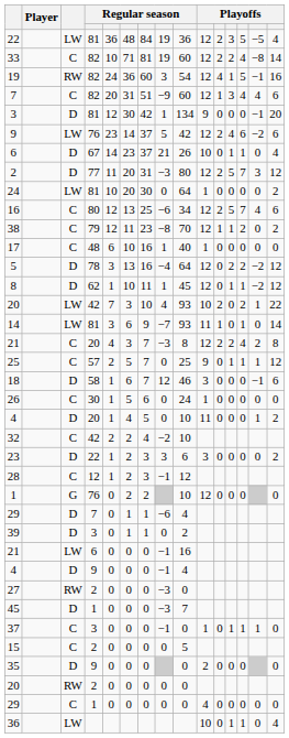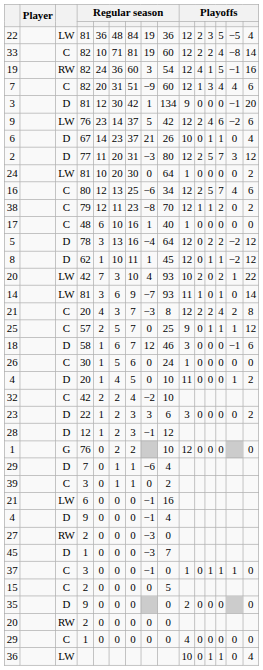 <table class="wikitable sortable plainrowheaders" style="text-align:center;">
 <tr>
 <th scope="col" data-sort-type="number" rowspan="2"></th>
 <th scope="col" rowspan="2">Player</th>
 <th scope="col" rowspan="2"></th>
 <th scope=colgroup colspan=6>Regular season</th>
 <th scope=colgroup colspan=6>Playoffs</th>
 </tr>
 <tr>
 <th scope="col" data-sort-type="number"></th>
 <th scope="col" data-sort-type="number"></th>
 <th scope="col" data-sort-type="number"></th>
 <th scope="col" data-sort-type="number"></th>
 <th scope="col" data-sort-type="number"></th>
 <th scope="col" data-sort-type="number"></th>
 <th scope="col" data-sort-type="number"></th>
 <th scope="col" data-sort-type="number"></th>
 <th scope="col" data-sort-type="number"></th>
 <th scope="col" data-sort-type="number"></th>
 <th scope="col" data-sort-type="number"></th>
 <th scope="col" data-sort-type="number"></th>
 </tr>
 <tr>
 <td scope="row">22</td>
 <td align="left"></td>
 <td>LW</td>
 <td>81</td>
 <td>36</td>
 <td>48</td>
 <td>84</td>
 <td>19</td>
 <td>36</td>
 <td>12</td>
 <td>2</td>
 <td>3</td>
 <td>5</td>
 <td>−5</td>
 <td>4</td>
 </tr>
 <tr>
 <td scope="row">33</td>
 <td align="left"></td>
 <td>C</td>
 <td>82</td>
 <td>10</td>
 <td>71</td>
 <td>81</td>
 <td>19</td>
 <td>60</td>
 <td>12</td>
 <td>2</td>
 <td>2</td>
 <td>4</td>
 <td>−8</td>
 <td>14</td>
 </tr>
 <tr>
 <td scope="row">19</td>
 <td align="left"></td>
 <td>RW</td>
 <td>82</td>
 <td>24</td>
 <td>36</td>
 <td>60</td>
 <td>3</td>
 <td>54</td>
 <td>12</td>
 <td>4</td>
 <td>1</td>
 <td>5</td>
 <td>−1</td>
 <td>16</td>
 </tr>
 <tr>
 <td scope="row">7</td>
 <td align="left"></td>
 <td>C</td>
 <td>82</td>
 <td>20</td>
 <td>31</td>
 <td>51</td>
 <td>−9</td>
 <td>60</td>
 <td>12</td>
 <td>1</td>
 <td>3</td>
 <td>4</td>
 <td>4</td>
 <td>6</td>
 </tr>
 <tr>
 <td scope="row">3</td>
 <td align="left"></td>
 <td>D</td>
 <td>81</td>
 <td>12</td>
 <td>30</td>
 <td>42</td>
 <td>1</td>
 <td>134</td>
 <td>9</td>
 <td>0</td>
 <td>0</td>
 <td>0</td>
 <td>−1</td>
 <td>20</td>
 </tr>
 <tr>
 <td scope="row">9</td>
 <td align="left"></td>
 <td>LW</td>
 <td>76</td>
 <td>23</td>
 <td>14</td>
 <td>37</td>
 <td>5</td>
 <td>42</td>
 <td>12</td>
 <td>2</td>
 <td>4</td>
 <td>6</td>
 <td>−2</td>
 <td>6</td>
 </tr>
 <tr>
 <td scope="row">6</td>
 <td align="left"></td>
 <td>D</td>
 <td>67</td>
 <td>14</td>
 <td>23</td>
 <td>37</td>
 <td>21</td>
 <td>26</td>
 <td>10</td>
 <td>0</td>
 <td>1</td>
 <td>1</td>
 <td>0</td>
 <td>4</td>
 </tr>
 <tr>
 <td scope="row">2</td>
 <td align="left"></td>
 <td>D</td>
 <td>77</td>
 <td>11</td>
 <td>20</td>
 <td>31</td>
 <td>−3</td>
 <td>80</td>
 <td>12</td>
 <td>2</td>
 <td>5</td>
 <td>7</td>
 <td>3</td>
 <td>12</td>
 </tr>
 <tr>
 <td scope="row">24</td>
 <td align="left"></td>
 <td>LW</td>
 <td>81</td>
 <td>10</td>
 <td>20</td>
 <td>30</td>
 <td>0</td>
 <td>64</td>
 <td>1</td>
 <td>0</td>
 <td>0</td>
 <td>0</td>
 <td>0</td>
 <td>2</td>
 </tr>
 <tr>
 <td scope="row">16</td>
 <td align="left"></td>
 <td>C</td>
 <td>80</td>
 <td>12</td>
 <td>13</td>
 <td>25</td>
 <td>−6</td>
 <td>34</td>
 <td>12</td>
 <td>2</td>
 <td>5</td>
 <td>7</td>
 <td>4</td>
 <td>6</td>
 </tr>
 <tr>
 <td scope="row">38</td>
 <td align="left"></td>
 <td>C</td>
 <td>79</td>
 <td>12</td>
 <td>11</td>
 <td>23</td>
 <td>−8</td>
 <td>70</td>
 <td>12</td>
 <td>1</td>
 <td>1</td>
 <td>2</td>
 <td>0</td>
 <td>2</td>
 </tr>
 <tr>
 <td scope="row">17</td>
 <td align="left"></td>
 <td>C</td>
 <td>48</td>
 <td>6</td>
 <td>10</td>
 <td>16</td>
 <td>1</td>
 <td>40</td>
 <td>1</td>
 <td>0</td>
 <td>0</td>
 <td>0</td>
 <td>0</td>
 <td>0</td>
 </tr>
 <tr>
 <td scope="row">5</td>
 <td align="left"></td>
 <td>D</td>
 <td>78</td>
 <td>3</td>
 <td>13</td>
 <td>16</td>
 <td>−4</td>
 <td>64</td>
 <td>12</td>
 <td>0</td>
 <td>2</td>
 <td>2</td>
 <td>−2</td>
 <td>12</td>
 </tr>
 <tr>
 <td scope="row">8</td>
 <td align="left"></td>
 <td>D</td>
 <td>62</td>
 <td>1</td>
 <td>10</td>
 <td>11</td>
 <td>1</td>
 <td>45</td>
 <td>12</td>
 <td>0</td>
 <td>1</td>
 <td>1</td>
 <td>−2</td>
 <td>12</td>
 </tr>
 <tr>
 <td scope="row">20</td>
 <td align="left"></td>
 <td>LW</td>
 <td>42</td>
 <td>7</td>
 <td>3</td>
 <td>10</td>
 <td>4</td>
 <td>93</td>
 <td>10</td>
 <td>2</td>
 <td>0</td>
 <td>2</td>
 <td>1</td>
 <td>22</td>
 </tr>
 <tr>
 <td scope="row">14</td>
 <td align="left"></td>
 <td>LW</td>
 <td>81</td>
 <td>3</td>
 <td>6</td>
 <td>9</td>
 <td>−7</td>
 <td>93</td>
 <td>11</td>
 <td>1</td>
 <td>0</td>
 <td>1</td>
 <td>0</td>
 <td>14</td>
 </tr>
 <tr>
 <td scope="row">21</td>
 <td align="left"></td>
 <td>C</td>
 <td>20</td>
 <td>4</td>
 <td>3</td>
 <td>7</td>
 <td>−3</td>
 <td>8</td>
 <td>12</td>
 <td>2</td>
 <td>2</td>
 <td>4</td>
 <td>2</td>
 <td>8</td>
 </tr>
 <tr>
 <td scope="row">25</td>
 <td align="left"></td>
 <td>C</td>
 <td>57</td>
 <td>2</td>
 <td>5</td>
 <td>7</td>
 <td>0</td>
 <td>25</td>
 <td>9</td>
 <td>0</td>
 <td>1</td>
 <td>1</td>
 <td>1</td>
 <td>12</td>
 </tr>
 <tr>
 <td scope="row">18</td>
 <td align="left"></td>
 <td>D</td>
 <td>58</td>
 <td>1</td>
 <td>6</td>
 <td>7</td>
 <td>12</td>
 <td>46</td>
 <td>3</td>
 <td>0</td>
 <td>0</td>
 <td>0</td>
 <td>−1</td>
 <td>6</td>
 </tr>
 <tr>
 <td scope="row">26</td>
 <td align="left"></td>
 <td>C</td>
 <td>30</td>
 <td>1</td>
 <td>5</td>
 <td>6</td>
 <td>0</td>
 <td>24</td>
 <td>1</td>
 <td>0</td>
 <td>0</td>
 <td>0</td>
 <td>0</td>
 <td>0</td>
 </tr>
 <tr>
 <td scope="row">4</td>
 <td align="left"></td>
 <td>D</td>
 <td>20</td>
 <td>1</td>
 <td>4</td>
 <td>5</td>
 <td>0</td>
 <td>10</td>
 <td>11</td>
 <td>0</td>
 <td>0</td>
 <td>0</td>
 <td>1</td>
 <td>2</td>
 </tr>
 <tr>
 <td scope="row">32</td>
 <td align="left"></td>
 <td>C</td>
 <td>42</td>
 <td>2</td>
 <td>2</td>
 <td>4</td>
 <td>−2</td>
 <td>10</td>
 <td></td>
 <td></td>
 <td></td>
 <td></td>
 <td></td>
 <td></td>
 </tr>
 <tr>
 <td scope="row">23</td>
 <td align="left"></td>
 <td>D</td>
 <td>22</td>
 <td>1</td>
 <td>2</td>
 <td>3</td>
 <td>3</td>
 <td>6</td>
 <td>3</td>
 <td>0</td>
 <td>0</td>
 <td>0</td>
 <td>0</td>
 <td>2</td>
 </tr>
 <tr>
 <td scope="row">28</td>
 <td align="left"></td>
-<td>C</td>
+<td>D</td>
 <td>12</td>
 <td>1</td>
 <td>2</td>
 <td>3</td>
 <td>−1</td>
 <td>12</td>
 <td></td>
 <td></td>
 <td></td>
 <td></td>
 <td></td>
 <td></td>
 </tr>
 <tr>
 <td scope="row">1</td>
 <td align="left"></td>
 <td>G</td>
 <td>76</td>
 <td>0</td>
 <td>2</td>
 <td>2</td>
 <td style="background:#ccc"></td>
 <td>10</td>
 <td>12</td>
 <td>0</td>
 <td>0</td>
 <td>0</td>
 <td style="background:#ccc"></td>
 <td>0</td>
 </tr>
 <tr>
 <td scope="row">29</td>
 <td align="left"></td>
 <td>D</td>
 <td>7</td>
 <td>0</td>
 <td>1</td>
 <td>1</td>
 <td>−6</td>
 <td>4</td>
 <td></td>
 <td></td>
 <td></td>
 <td></td>
 <td></td>
 <td></td>
 </tr>
 <tr>
 <td scope="row">39</td>
 <td align="left"></td>
-<td>D</td>
+<td>C</td>
 <td>3</td>
 <td>0</td>
 <td>1</td>
 <td>1</td>
 <td>0</td>
 <td>2</td>
 <td></td>
 <td></td>
 <td></td>
 <td></td>
 <td></td>
 <td></td>
 </tr>
 <tr>
 <td scope="row">21</td>
 <td align="left"></td>
 <td>LW</td>
 <td>6</td>
 <td>0</td>
 <td>0</td>
 <td>0</td>
 <td>−1</td>
 <td>16</td>
 <td></td>
 <td></td>
 <td></td>
 <td></td>
 <td></td>
 <td></td>
 </tr>
 <tr>
 <td scope="row">4</td>
 <td align="left"></td>
 <td>D</td>
 <td>9</td>
 <td>0</td>
 <td>0</td>
 <td>0</td>
 <td>−1</td>
 <td>4</td>
 <td></td>
 <td></td>
 <td></td>
 <td></td>
 <td></td>
 <td></td>
 </tr>
 <tr>
 <td scope="row">27</td>
 <td align="left"></td>
 <td>RW</td>
 <td>2</td>
 <td>0</td>
 <td>0</td>
 <td>0</td>
 <td>−3</td>
 <td>0</td>
 <td></td>
 <td></td>
 <td></td>
 <td></td>
 <td></td>
 <td></td>
 </tr>
 <tr>
 <td scope="row">45</td>
 <td align="left"></td>
 <td>D</td>
 <td>1</td>
 <td>0</td>
 <td>0</td>
 <td>0</td>
 <td>−3</td>
 <td>7</td>
 <td></td>
 <td></td>
 <td></td>
 <td></td>
 <td></td>
 <td></td>
 </tr>
 <tr>
 <td scope="row">37</td>
 <td align="left"></td>
 <td>C</td>
 <td>3</td>
 <td>0</td>
 <td>0</td>
 <td>0</td>
 <td>−1</td>
 <td>0</td>
 <td>1</td>
 <td>0</td>
 <td>1</td>
 <td>1</td>
 <td>1</td>
 <td>0</td>
 </tr>
 <tr>
 <td scope="row">15</td>
 <td align="left"></td>
 <td>C</td>
 <td>2</td>
 <td>0</td>
 <td>0</td>
 <td>0</td>
 <td>0</td>
 <td>5</td>
 <td></td>
 <td></td>
 <td></td>
 <td></td>
 <td></td>
 <td></td>
 </tr>
 <tr>
 <td scope="row">35</td>
 <td align="left"></td>
 <td>D</td>
 <td>9</td>
 <td>0</td>
 <td>0</td>
 <td>0</td>
 <td style="background:#ccc"></td>
 <td>0</td>
 <td>2</td>
 <td>0</td>
 <td>0</td>
 <td>0</td>
 <td style="background:#ccc"></td>
 <td>0</td>
 </tr>
 <tr>
 <td scope="row">20</td>
 <td align="left"></td>
 <td>RW</td>
 <td>2</td>
 <td>0</td>
 <td>0</td>
 <td>0</td>
 <td>0</td>
 <td>0</td>
 <td></td>
 <td></td>
 <td></td>
 <td></td>
 <td></td>
 <td></td>
 </tr>
 <tr>
 <td scope="row">29</td>
 <td align="left"></td>
 <td>C</td>
 <td>1</td>
 <td>0</td>
 <td>0</td>
 <td>0</td>
 <td>0</td>
 <td>0</td>
 <td>4</td>
 <td>0</td>
 <td>0</td>
 <td>0</td>
 <td>0</td>
 <td>0</td>
 </tr>
 <tr>
 <td scope="row">36</td>
 <td align="left"></td>
 <td>LW</td>
 <td></td>
 <td></td>
 <td></td>
 <td></td>
 <td></td>
 <td></td>
 <td>10</td>
 <td>0</td>
 <td>1</td>
 <td>1</td>
 <td>0</td>
 <td>4</td>
 </tr>
 </table>
